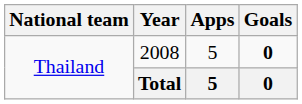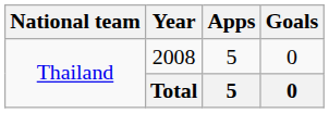 <table class="wikitable" style="text-align:center">
 <tr>
 <th>National team</th>
 <th>Year</th>
 <th>Apps</th>
 <th>Goals</th>
 </tr>
 <tr>
 <td rowspan="2" valign="center"><a href='#'>Thailand</a></td>
 <td>2008</td>
 <td>5</td>
-<td><strong>0</strong></td>
+<td>0</td>
 </tr>
 <tr>
 <th>Total</th>
 <th>5</th>
 <th>0</th>
 </tr>
 </table>
